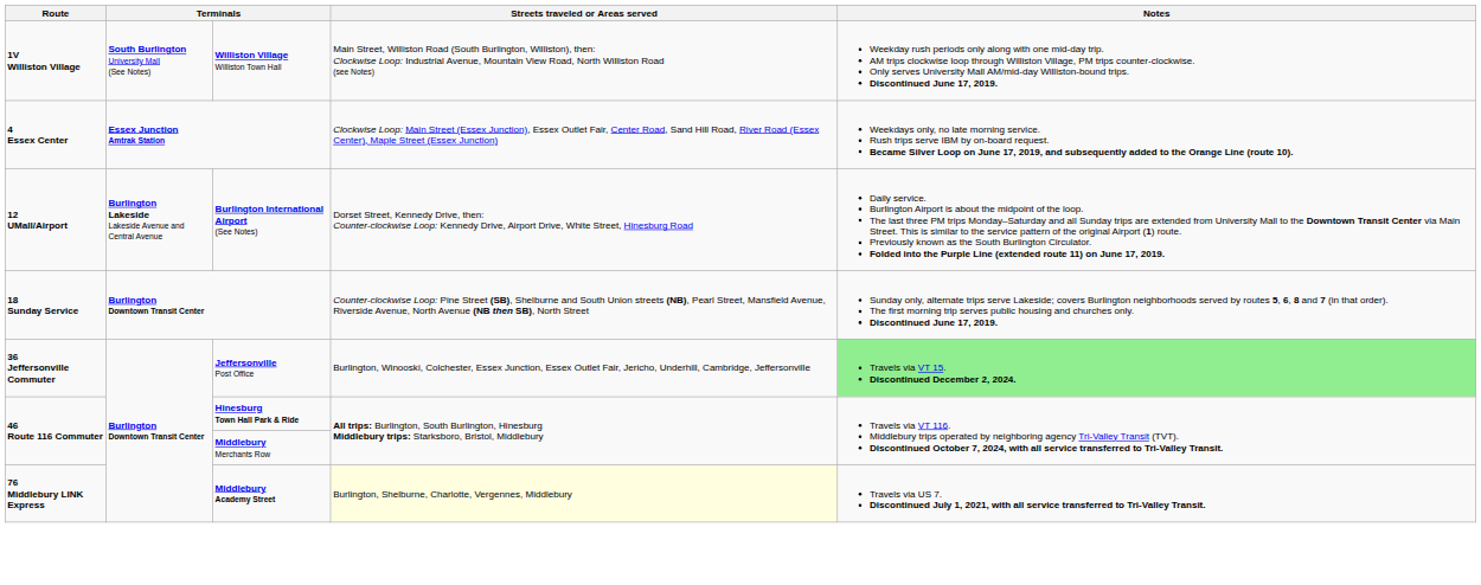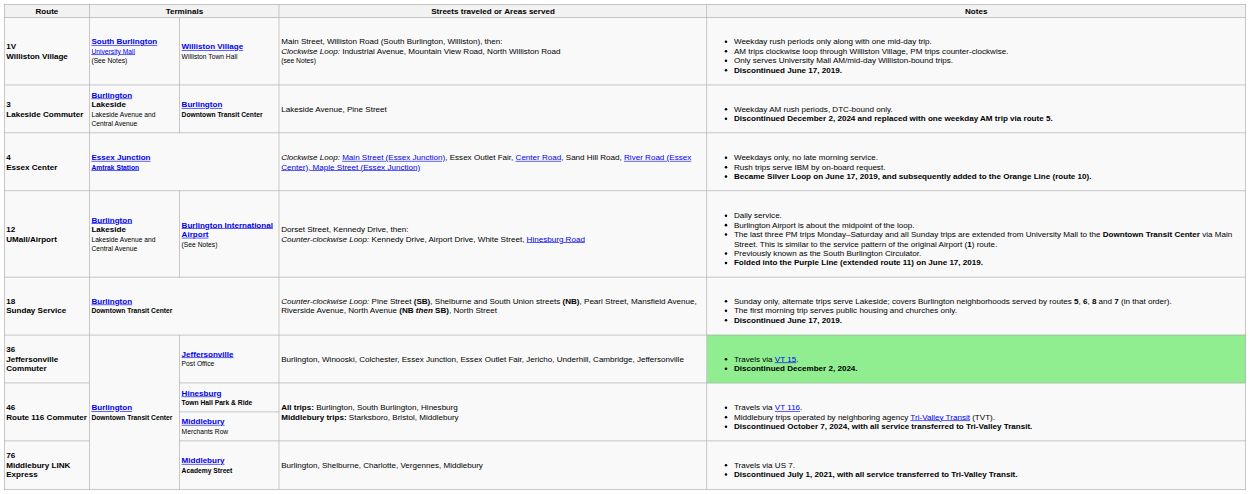 <table class=wikitable style="font-size: 80%;" |>
 <tr>
 <th><strong>Route</strong></th>
 <th colspan="2"><strong>Terminals</strong></th>
 <th><strong>Streets traveled</strong> or <strong>Areas served</strong></th>
 <th><strong>Notes</strong></th>
 </tr>
 <tr>
 <td><strong>1V</strong><br><strong>Williston Village</strong></td>
 <td><strong><a href='#'>South Burlington</a></strong><br><small><a href='#'>University Mall</a><br>(See Notes)</small></td>
 <td><strong><a href='#'>Williston Village</a></strong><br><small>Williston Town Hall</small></td>
 <td>Main Street, Williston Road (South Burlington, Williston), then:<br><em>Clockwise Loop:</em> Industrial Avenue, Mountain View Road, North Williston Road<br><small>(see Notes)</small></td>
 <td><br><ul><li>Weekday rush periods only along with one mid-day trip.</li><li>AM trips clockwise loop through Williston Village, PM trips counter-clockwise.</li><li>Only serves University Mall AM/mid-day Williston-bound trips.</li><li><strong>Discontinued June 17, 2019.</strong></li></ul></td>
+</tr>
+<tr>
+<td><strong>3</strong><br><strong>Lakeside Commuter</strong></td>
+<td><strong><a href='#'>Burlington</a><br>Lakeside</strong><br><small>Lakeside Avenue and Central Avenue</small></td>
+<td><strong><a href='#'>Burlington</a><br><small>Downtown Transit Center</small></strong></td>
+<td>Lakeside Avenue, Pine Street</td>
+<td><br><ul><li>Weekday AM rush periods, DTC-bound only.</li><li><strong>Discontinued December 2, 2024 and replaced with one weekday AM trip via route 5.</strong></li></ul></td>
 </tr>
 <tr>
 <td><strong>4</strong><br><strong>Essex Center</strong></td>
 <td colspan="2"><strong><a href='#'>Essex Junction</a></strong><br><small><strong><a href='#'>Amtrak Station</a></strong></small></td>
 <td><em>Clockwise Loop:</em> <a href='#'>Main Street (Essex Junction)</a>, Essex Outlet Fair, <a href='#'>Center Road</a>, Sand Hill Road, <a href='#'>River Road (Essex Center), Maple Street (Essex Junction)</a></td>
 <td><br><ul><li>Weekdays only, no late morning service.</li><li>Rush trips serve IBM by on-board request.</li><li><strong>Became Silver Loop on June 17, 2019, and subsequently added to the Orange Line (route 10).</strong></li></ul></td>
 </tr>
 <tr>
 <td><strong>12</strong><br><strong>UMall/Airport</strong></td>
 <td><strong><a href='#'>Burlington</a><br>Lakeside</strong><br><small>Lakeside Avenue and Central Avenue</small></td>
 <td><strong><a href='#'>Burlington International Airport</a></strong><br><small>(See Notes)</small></td>
 <td>Dorset Street, Kennedy Drive, then:<br><em>Counter-clockwise Loop:</em> Kennedy Drive, Airport Drive, White Street, <a href='#'>Hinesburg Road</a></td>
 <td><br><ul><li>Daily service.</li><li>Burlington Airport is about the midpoint of the loop.</li><li>The last three PM trips Monday–Saturday and all Sunday trips are extended from University Mall to the <strong>Downtown Transit Center</strong> via Main Street. This is similar to the service pattern of the original Airport (<strong>1</strong>) route.</li><li>Previously known as the South Burlington Circulator.</li><li><strong>Folded into the Purple Line (extended route 11) on June 17, 2019.</strong></li></ul></td>
 </tr>
 <tr>
 <td><strong>18</strong><br><strong>Sunday Service</strong></td>
 <td colspan="2"><strong><a href='#'>Burlington</a><br><small>Downtown Transit Center</small></strong></td>
 <td><em>Counter-clockwise Loop:</em> Pine Street <strong>(SB)</strong>, Shelburne and South Union streets <strong>(NB)</strong>, Pearl Street, Mansfield Avenue, Riverside Avenue, North Avenue <strong>(NB <em>then</em> SB)</strong>, North Street</td>
 <td><br><ul><li>Sunday only, alternate trips serve Lakeside; covers Burlington neighborhoods served by routes <strong>5</strong>, <strong>6</strong>, <strong>8</strong> and <strong>7</strong> (in that order).</li><li>The first morning trip serves public housing and churches only.</li><li><strong>Discontinued June 17, 2019.</strong></li></ul></td>
 </tr>
 <tr>
 <td><strong>36</strong><br><strong>Jeffersonville<br>Commuter</strong></td>
 <td rowspan=4><strong><a href='#'>Burlington</a></strong><br><small><strong>Downtown Transit Center</strong></small></td>
 <td><strong><a href='#'>Jeffersonville</a></strong><br><small>Post Office</small></td>
 <td>Burlington, Winooski, Colchester, Essex Junction, Essex Outlet Fair, Jericho, Underhill, Cambridge, Jeffersonville</td>
 <td style="background: lightgreen;"><br><ul><li>Travels via <a href='#'>VT 15</a>.</li><li><strong>Discontinued December 2, 2024.</strong></li></ul></td>
 </tr>
 <tr>
 <td rowspan="2"><strong>46</strong><br><strong>Route 116 Commuter</strong></td>
 <td><strong><a href='#'>Hinesburg</a></strong><br><small><strong>Town Hall Park & Ride</strong></small></td>
 <td rowspan="2"><strong>All trips:</strong> Burlington, South Burlington, Hinesburg<br><strong>Middlebury trips:</strong> Starksboro, Bristol, Middlebury</td>
 <td rowspan="2"><br><ul><li>Travels via <a href='#'>VT 116</a>.</li><li>Middlebury trips operated by neighboring agency <a href='#'>Tri-Valley Transit</a> (TVT).</li><li><strong>Discontinued October 7, 2024, with all service transferred to Tri-Valley Transit.</strong></li></ul></td>
 </tr>
 <tr>
 <td><strong><a href='#'>Middlebury</a></strong><br><small>Merchants Row</small></td>
 </tr>
 <tr>
 <td><strong>76</strong><br><strong>Middlebury</strong> <strong>LINK Express</strong></td>
 <td><strong><a href='#'>Middlebury</a><br><small>Academy Street</small></strong></td>
-<td style="background: lightyellow;">Burlington, Shelburne, Charlotte, Vergennes, Middlebury</td>
+<td>Burlington, Shelburne, Charlotte, Vergennes, Middlebury</td>
 <td><br><ul><li>Travels via US 7.</li><li><strong>Discontinued July 1, 2021, with all service transferred to Tri-Valley Transit.</strong></li></ul></td>
 </tr>
 </table>
